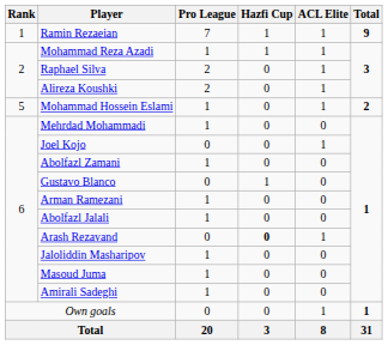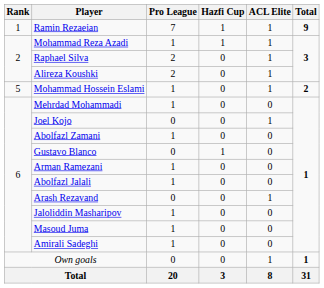 <table class="wikitable" style="text-align: center;">
 <tr>
 <th>Rank</th>
 <th>Player</th>
 <th>Pro League</th>
 <th>Hazfi Cup</th>
 <th>ACL Elite</th>
 <th>Total</th>
 </tr>
 <tr>
 <td rowspan="1">1</td>
 <td align="left"> <a href='#'>Ramin Rezaeian</a></td>
 <td>7</td>
 <td>1</td>
 <td>1</td>
 <td rowspan="1"><strong>9</strong></td>
 </tr>
 <tr>
 <td rowspan="3">2</td>
 <td align="left"> <a href='#'>Mohammad Reza Azadi</a></td>
 <td>1</td>
 <td>1</td>
 <td>1</td>
 <td rowspan="3"><strong>3</strong></td>
 </tr>
 <tr>
 <td align="left"> <a href='#'>Raphael Silva</a></td>
 <td>2</td>
 <td>0</td>
 <td>1</td>
 </tr>
 <tr>
 <td align="left"> <a href='#'>Alireza Koushki</a></td>
 <td>2</td>
 <td>0</td>
 <td>1</td>
 </tr>
 <tr>
 <td rowspan="1">5</td>
 <td align="left"> <a href='#'>Mohammad Hossein Eslami</a></td>
 <td>1</td>
 <td>0</td>
 <td>1</td>
 <td rowspan="1"><strong>2</strong></td>
 </tr>
 <tr>
 <td rowspan="10">6</td>
 <td align="left"> <a href='#'>Mehrdad Mohammadi</a></td>
 <td>1</td>
 <td>0</td>
 <td>0</td>
 <td rowspan="10"><strong>1</strong></td>
 </tr>
 <tr>
 <td align="left"> <a href='#'>Joel Kojo</a></td>
 <td>0</td>
 <td>0</td>
 <td>1</td>
 </tr>
 <tr>
 <td align="left"> <a href='#'>Abolfazl Zamani</a></td>
 <td>1</td>
 <td>0</td>
 <td>0</td>
 </tr>
 <tr>
 <td align="left"> <a href='#'>Gustavo Blanco</a></td>
 <td>0</td>
 <td>1</td>
 <td>0</td>
 </tr>
 <tr>
 <td align="left"> <a href='#'>Arman Ramezani</a></td>
 <td>1</td>
 <td>0</td>
 <td>0</td>
 </tr>
 <tr>
 <td align="left"> <a href='#'>Abolfazl Jalali</a></td>
 <td>1</td>
 <td>0</td>
 <td>0</td>
 </tr>
 <tr>
 <td align="left"> <a href='#'>Arash Rezavand</a></td>
 <td>0</td>
-<td><strong>0</strong></td>
+<td>0</td>
 <td>1</td>
 </tr>
 <tr>
 <td align="left"> <a href='#'>Jaloliddin Masharipov</a></td>
 <td>1</td>
 <td>0</td>
 <td>0</td>
 </tr>
 <tr>
 <td align="left"> <a href='#'>Masoud Juma</a></td>
 <td>1</td>
 <td>0</td>
 <td>0</td>
 </tr>
 <tr>
 <td align="left"> <a href='#'>Amirali Sadeghi</a></td>
 <td>1</td>
 <td>0</td>
 <td>0</td>
 </tr>
 <tr>
 <td colspan=2 align=center><em>Own goals</em></td>
 <td>0</td>
 <td>0</td>
 <td>1</td>
 <td><strong>1</strong></td>
 </tr>
 <tr>
 <th colspan=2>Total</th>
 <th>20</th>
 <th>3</th>
 <th>8</th>
 <th>31</th>
 </tr>
 </table>
